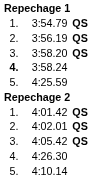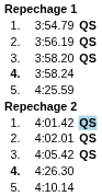 <table style="text-align:center">
 <tr>
 <td colspan=4 align=left><strong>Repechage 1</strong></td>
 </tr>
 <tr>
 <td width=30>1.</td>
 <td align=left></td>
 <td width=60>3:54.79</td>
 <td><strong>QS</strong></td>
 </tr>
 <tr>
 <td>2.</td>
 <td align=left></td>
 <td>3:56.19</td>
 <td><strong>QS</strong></td>
 </tr>
 <tr>
 <td>3.</td>
 <td align=left></td>
 <td>3:58.20</td>
 <td><strong>QS</strong></td>
 </tr>
 <tr>
 <td><strong>4.</strong></td>
 <td align=left></td>
 <td>3:58.24</td>
 <td></td>
 </tr>
 <tr>
 <td>5.</td>
 <td align=left></td>
 <td>4:25.59</td>
 <td></td>
 </tr>
 <tr>
 <td colspan=4 align=left><strong>Repechage 2</strong></td>
 </tr>
 <tr>
 <td>1.</td>
 <td align=left></td>
 <td>4:01.42</td>
-<td><strong>QS</strong></td>
+<td style="background: lightblue;"><strong>QS</strong></td>
 </tr>
 <tr>
 <td>2.</td>
 <td align=left></td>
 <td>4:02.01</td>
 <td><strong>QS</strong></td>
 </tr>
 <tr>
 <td>3.</td>
 <td align=left></td>
 <td>4:05.42</td>
 <td><strong>QS</strong></td>
 </tr>
 <tr>
-<td>4.</td>
+<td><strong>4.</strong></td>
 <td align=left></td>
 <td>4:26.30</td>
 <td></td>
 </tr>
 <tr>
 <td>5.</td>
 <td align=left></td>
 <td>4:10.14</td>
 <td></td>
 </tr>
 </table>
